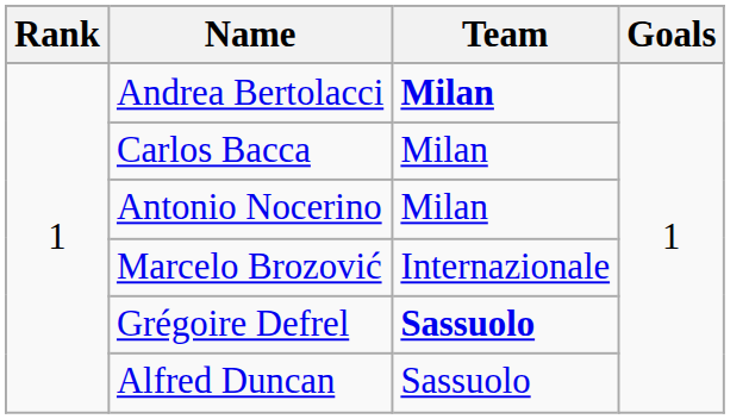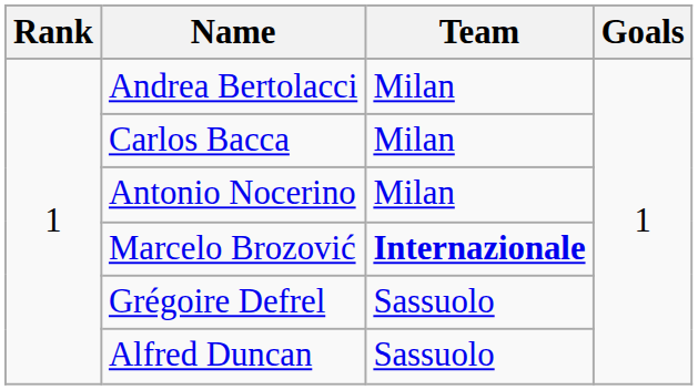 <table class="wikitable" style="text-align: center;">
 <tr>
 <th>Rank</th>
 <th>Name</th>
 <th>Team</th>
 <th>Goals</th>
 </tr>
 <tr>
 <td rowspan=6>1</td>
 <td align="left"> <a href='#'>Andrea Bertolacci</a></td>
-<td align="left"><strong> <a href='#'>Milan</a></strong></td>
+<td align="left"> <a href='#'>Milan</a></td>
 <td rowspan="6">1</td>
 </tr>
 <tr>
 <td align="left"> <a href='#'>Carlos Bacca</a></td>
 <td align="left"> <a href='#'>Milan</a></td>
 </tr>
 <tr>
 <td align="left"> <a href='#'>Antonio Nocerino</a></td>
 <td align="left"> <a href='#'>Milan</a></td>
 </tr>
 <tr>
 <td align="left"> <a href='#'>Marcelo Brozović</a></td>
-<td align="left"> <a href='#'>Internazionale</a></td>
+<td align="left"><strong> <a href='#'>Internazionale</a></strong></td>
 </tr>
 <tr>
 <td align="left"> <a href='#'>Grégoire Defrel</a></td>
-<td align="left"><strong> <a href='#'>Sassuolo</a></strong></td>
+<td align="left"> <a href='#'>Sassuolo</a></td>
 </tr>
 <tr>
 <td align="left"> <a href='#'>Alfred Duncan</a></td>
 <td align="left"> <a href='#'>Sassuolo</a></td>
 </tr>
 </table>
